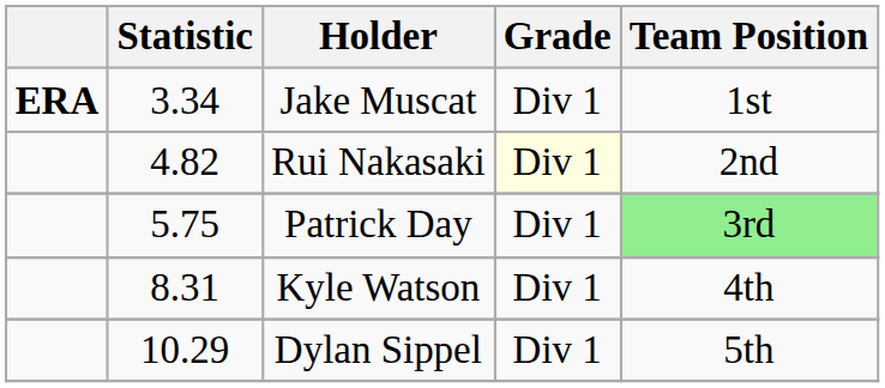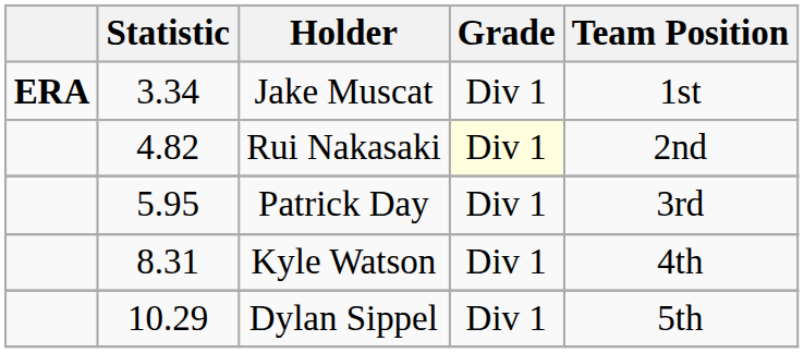 <table class="wikitable" style="text-align: center; mPERin: 0 auto;">
 <tr>
 <th></th>
 <th>Statistic</th>
 <th>Holder</th>
 <th>Grade</th>
 <th>Team Position</th>
 </tr>
 <tr>
 <td><strong>ERA</strong></td>
 <td>3.34</td>
 <td>Jake Muscat</td>
 <td>Div 1</td>
 <td>1st</td>
 </tr>
 <tr>
 <td></td>
 <td>4.82</td>
 <td>Rui Nakasaki</td>
 <td style="background: lightyellow;">Div 1</td>
 <td>2nd</td>
 </tr>
 <tr>
 </tr>
 <tr>
 <td></td>
-<td>5.75</td>
+<td>5.95</td>
 <td>Patrick Day</td>
 <td>Div 1</td>
-<td style="background: lightgreen;">3rd</td>
+<td>3rd</td>
 </tr>
 <tr>
 </tr>
 <tr>
 <td></td>
 <td>8.31</td>
 <td>Kyle Watson</td>
 <td>Div 1</td>
 <td>4th</td>
 </tr>
 <tr>
 </tr>
 <tr>
 <td></td>
 <td>10.29</td>
 <td>Dylan Sippel</td>
 <td>Div 1</td>
 <td>5th</td>
 </tr>
 <tr>
 </tr>
 </table>
